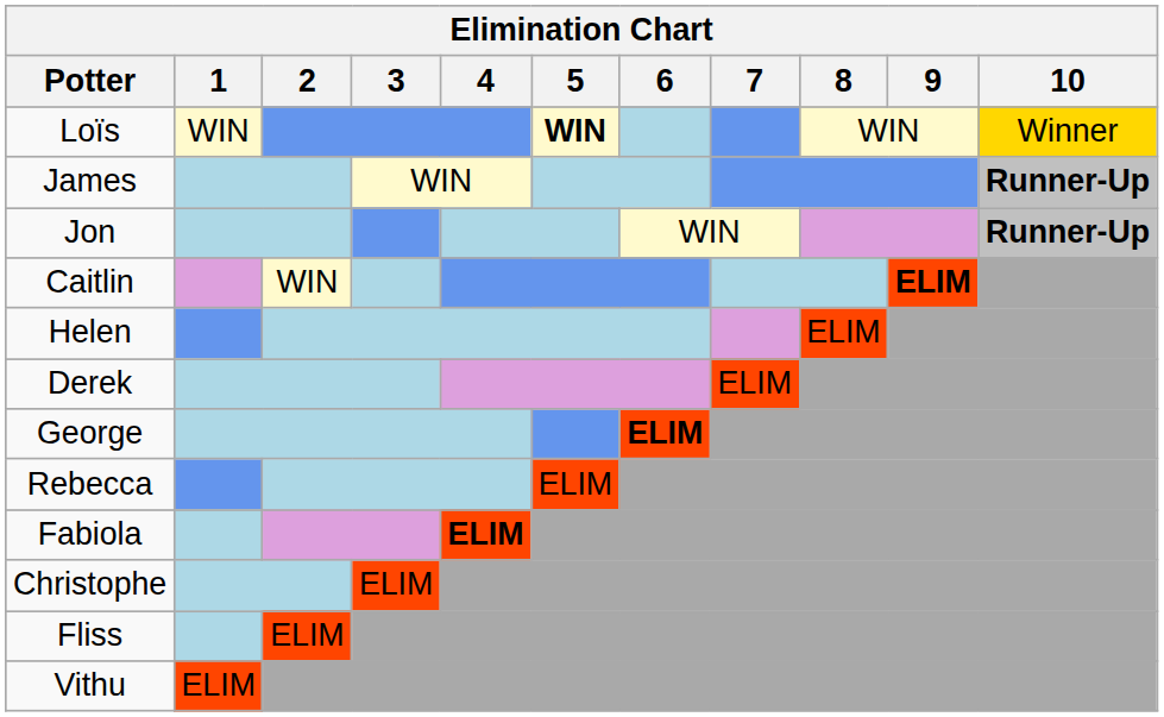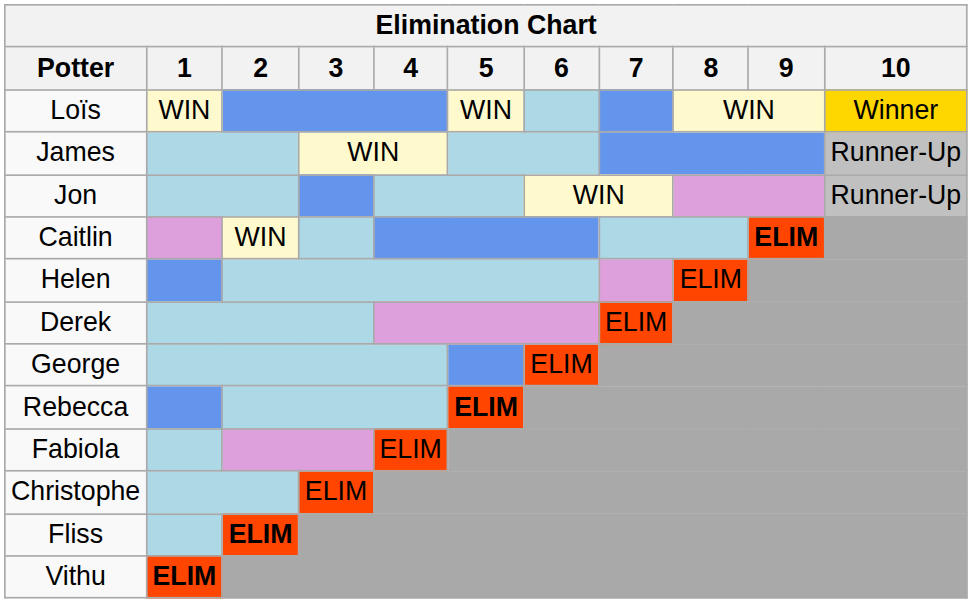 <table class="wikitable" style="text-align:center">
 <tr>
 <th colspan="11">Elimination Chart</th>
 </tr>
 <tr>
 <th>Potter</th>
 <th>1</th>
 <th>2</th>
 <th>3</th>
 <th>4</th>
 <th>5</th>
 <th>6</th>
 <th>7</th>
 <th>8</th>
 <th>9</th>
 <th>10</th>
 </tr>
 <tr>
 <td>Loïs</td>
 <td style="background:lemonchiffon;">WIN</td>
 <td colspan="3" style="background:cornflowerblue;"></td>
-<td style="background:lemonchiffon;"><strong>WIN</strong></td>
+<td style="background:lemonchiffon;">WIN</td>
 <td style="background:lightblue;"></td>
 <td style="background:cornflowerblue;"></td>
 <td colspan="2" style="background:lemonchiffon;">WIN</td>
 <td style="background:gold;">Winner</td>
 </tr>
 <tr>
 <td>James</td>
 <td colspan="2" style="background:lightblue;"></td>
 <td colspan="2" style="background:lemonchiffon;">WIN</td>
 <td colspan="2" style="background:lightblue;"></td>
 <td colspan="3" style="background:cornflowerblue;"></td>
-<td style="background:silver;"><strong>Runner-Up</strong></td>
+<td style="background:silver;">Runner-Up</td>
 </tr>
 <tr>
 <td>Jon</td>
 <td colspan="2" style="background:lightblue;"></td>
 <td style="background:cornflowerblue;"></td>
 <td colspan="2" style="background:lightblue;"></td>
 <td colspan="2" style="background:lemonchiffon;">WIN</td>
 <td colspan="2" style="background:plum;"></td>
-<td style="background:silver;"><strong>Runner-Up</strong></td>
+<td style="background:silver;">Runner-Up</td>
 </tr>
 <tr>
 <td>Caitlin</td>
 <td style="background:plum;"></td>
 <td style="background:lemonchiffon;">WIN</td>
 <td style="background:lightblue;"></td>
 <td colspan="3" style="background:cornflowerblue;"></td>
 <td colspan="2" style="background:lightblue;"></td>
 <td style="background:orangered;"><strong>ELIM</strong></td>
 <td style="background:darkgrey;"></td>
 </tr>
 <tr>
 <td>Helen</td>
 <td style="background:cornflowerblue;"></td>
 <td colspan="5" style="background:lightblue;"></td>
 <td style="background:plum;"></td>
 <td style="background:orangered;">ELIM</td>
 <td colspan="2" style="background:darkgrey;"></td>
 </tr>
 <tr>
 <td>Derek</td>
 <td colspan="3" style="background:lightblue;"></td>
 <td colspan="3" style="background:plum;"></td>
 <td style="background:orangered;">ELIM</td>
 <td colspan="3" style="background:darkgrey;"></td>
 </tr>
 <tr>
 <td>George</td>
 <td colspan="4" style="background:lightblue;"></td>
 <td style="background:cornflowerblue;"></td>
-<td style="background:orangered;"><strong>ELIM</strong></td>
+<td style="background:orangered;">ELIM</td>
 <td colspan="4" style="background:darkgrey;"></td>
 </tr>
 <tr>
 <td>Rebecca</td>
 <td style="background:cornflowerblue;"></td>
 <td colspan="3" style="background:lightblue;"></td>
-<td style="background:orangered;">ELIM</td>
+<td style="background:orangered;"><strong>ELIM</strong></td>
 <td colspan="5" style="background:darkgrey;"></td>
 </tr>
 <tr>
 <td>Fabiola</td>
 <td style="background:lightblue;"></td>
 <td colspan="2" style="background:plum;"></td>
-<td style="background:orangered;"><strong>ELIM</strong></td>
+<td style="background:orangered;">ELIM</td>
 <td colspan="6" style="background:darkgrey;"></td>
 </tr>
 <tr>
 <td>Christophe</td>
 <td colspan="2" style="background:lightblue;"></td>
 <td style="background:orangered;">ELIM</td>
 <td colspan="7" style="background:darkgrey;"></td>
 </tr>
 <tr>
 <td>Fliss</td>
 <td style="background:lightblue;"></td>
-<td style="background:orangered;">ELIM</td>
+<td style="background:orangered;"><strong>ELIM</strong></td>
 <td colspan="8" style="background:darkgrey;"></td>
 </tr>
 <tr>
 <td>Vithu</td>
-<td style="background:orangered;">ELIM</td>
+<td style="background:orangered;"><strong>ELIM</strong></td>
 <td colspan="9" style="background:darkgrey;"></td>
 </tr>
 </table>
